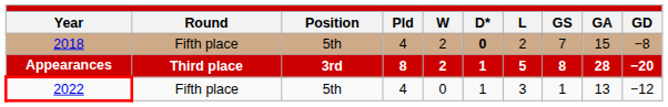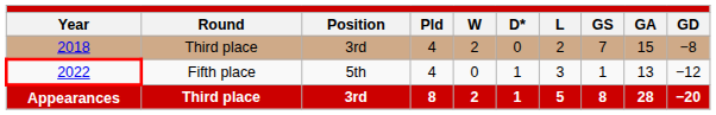 <table class="wikitable" style="text-align: center;font-size:90%;">
 <tr>
 <th colspan="10" style="background: #CC0000; color: #FFFFFF;"><a href='#'></a></th>
 </tr>
 <tr>
 <th width=125>Year</th>
 <th width=150>Round</th>
 <th width=100>Position</th>
 <th width=35>Pld</th>
 <th width=35>W</th>
 <th width=35>D*</th>
 <th width=35>L</th>
 <th width=35>GS</th>
 <th width=35>GA</th>
 <th width=35>GD</th>
 </tr>
 <tr style="background:#CFAA88;">
 <td> <a href='#'>2018</a></td>
-<td>Fifth place</td>
-<td>5th</td>
+<td>Third place</td>
+<td>3rd</td>
 <td>4</td>
 <td>2</td>
-<td><strong>0</strong></td>
+<td>0</td>
 <td>2</td>
 <td>7</td>
 <td>15</td>
 <td>−8</td>
+</tr>
+<tr>
+<td style="border:3px solid red;"> <a href='#'>2022</a></td>
+<td>Fifth place</td>
+<td>5th</td>
+<td>4</td>
+<td>0</td>
+<td>1</td>
+<td>3</td>
+<td>1</td>
+<td>13</td>
+<td>−12</td>
 </tr>
 <tr>
 <td colspan=1 style="background: #CC0000; color: #FFFFFF;"><strong>Appearances</strong></td>
 <td style="background: #CC0000; color: #FFFFFF;"><strong>Third place</strong></td>
 <td style="background: #CC0000; color: #FFFFFF;"><strong>3rd</strong></td>
 <td style="background: #CC0000; color: #FFFFFF;"><strong>8</strong></td>
 <td style="background: #CC0000; color: #FFFFFF;"><strong>2</strong></td>
 <td style="background: #CC0000; color: #FFFFFF;"><strong>1</strong></td>
 <td style="background: #CC0000; color: #FFFFFF;"><strong>5</strong></td>
 <td style="background: #CC0000; color: #FFFFFF;"><strong>8</strong></td>
 <td style="background: #CC0000; color: #FFFFFF;"><strong>28</strong></td>
 <td style="background: #CC0000; color: #FFFFFF;"><strong>−20</strong></td>
 </tr>
-<tr>
-<td style="border:3px solid red;"> <a href='#'>2022</a></td>
-<td>Fifth place</td>
-<td>5th</td>
-<td>4</td>
-<td>0</td>
-<td>1</td>
-<td>3</td>
-<td>1</td>
-<td>13</td>
-<td>−12</td>
-</tr>
 </table>
